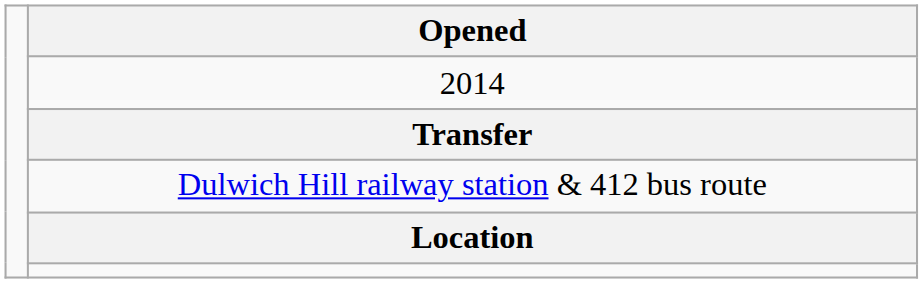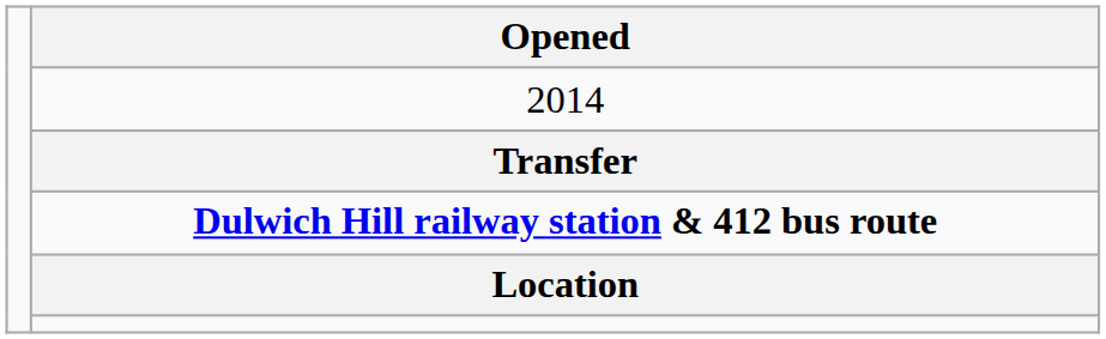 <table class=wikitable style="text-align: center; width: 450px; float:right">
 <tr>
 <td rowspan='6'></td>
 <th>Opened</th>
 </tr>
 <tr>
 <td>2014</td>
 </tr>
 <tr>
 <th>Transfer</th>
 </tr>
 <tr>
-<td><a href='#'>Dulwich Hill railway station</a> & 412 bus route</td>
+<td><strong><a href='#'>Dulwich Hill railway station</a> & 412 bus route</strong></td>
 </tr>
 <tr>
 <th>Location</th>
 </tr>
 <tr>
 <td></td>
 </tr>
 </table>
